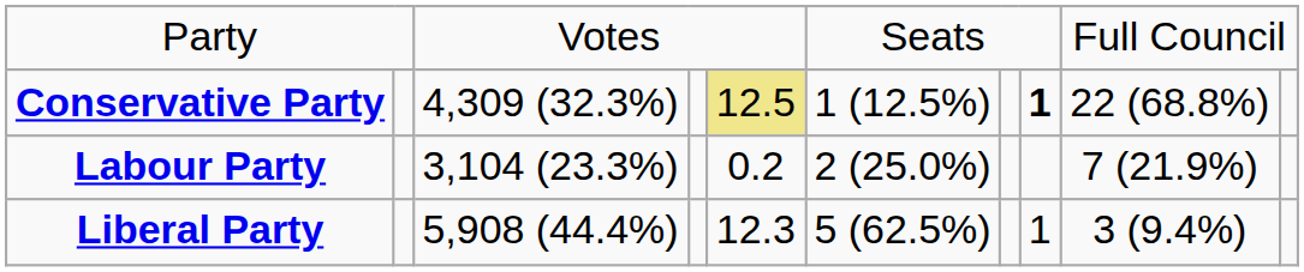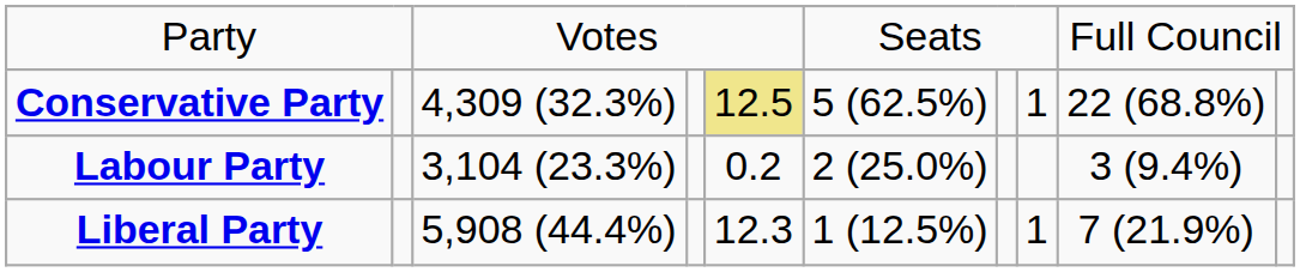 <table class=wikitable style="text-align:center;">
 <tr>
 <td colspan=2>Party</td>
 <td colspan=3>Votes</td>
 <td colspan=3>Seats</td>
 <td colspan=3>Full Council</td>
 </tr>
 <tr>
 <td><strong><a href='#'>Conservative Party</a></strong></td>
 <td style="background:"></td>
 <td>4,309 (32.3%)</td>
 <td></td>
 <td style="background: khaki;"> 12.5</td>
-<td>1 (12.5%)</td>
+<td>5 (62.5%)</td>
 <td></td>
-<td><strong> 1</strong></td>
+<td> 1</td>
 <td>22 (68.8%)</td>
 <td></td>
 </tr>
 <tr>
 <td><strong><a href='#'>Labour Party</a></strong></td>
 <td style="background:"></td>
 <td>3,104 (23.3%)</td>
 <td></td>
 <td> 0.2</td>
 <td>2 (25.0%)</td>
 <td></td>
 <td></td>
-<td>7 (21.9%)</td>
+<td>3 (9.4%)</td>
 <td></td>
 </tr>
 <tr>
 <td><strong><a href='#'>Liberal Party</a></strong></td>
 <td style="background:"></td>
 <td>5,908 (44.4%)</td>
 <td></td>
 <td> 12.3</td>
-<td>5 (62.5%)</td>
+<td>1 (12.5%)</td>
 <td></td>
 <td> 1</td>
-<td>3 (9.4%)</td>
+<td>7 (21.9%)</td>
 <td></td>
 </tr>
 </table>
